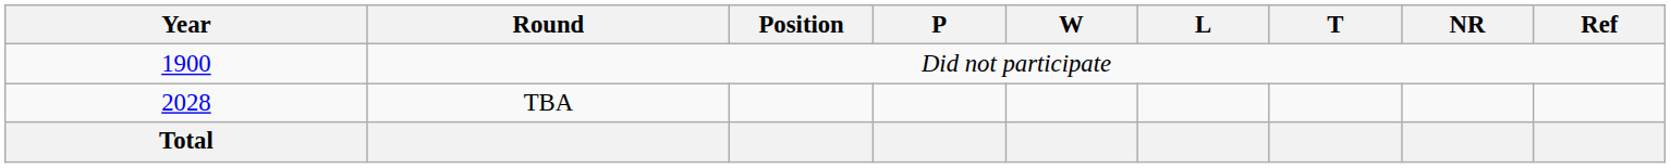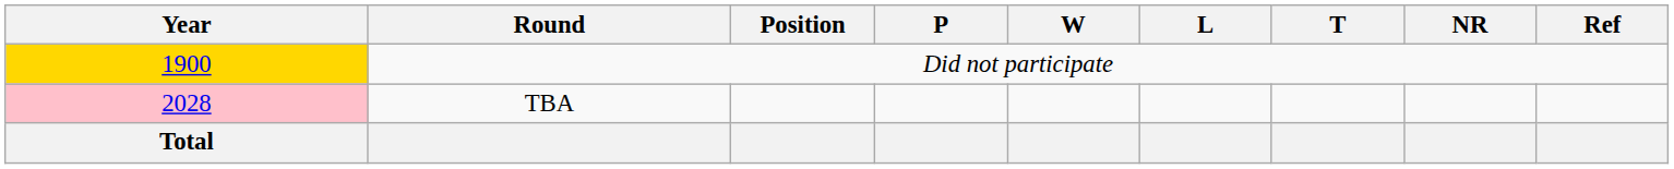 <table class="wikitable" style="text-align: center; width:85%">
 <tr>
 <th width=150>Year</th>
 <th width=150>Round</th>
 <th width=50>Position</th>
 <th width=50>P</th>
 <th width=50>W</th>
 <th width=50>L</th>
 <th width=50>T</th>
 <th width=50>NR</th>
 <th width=50>Ref</th>
 </tr>
 <tr>
-<td> <a href='#'>1900</a></td>
+<td style="background: gold;"> <a href='#'>1900</a></td>
 <td colspan=8><em>Did not participate</em></td>
 </tr>
 <tr>
-<td> <a href='#'>2028</a></td>
+<td style="background: pink;"> <a href='#'>2028</a></td>
 <td>TBA</td>
 <td></td>
 <td></td>
 <td></td>
 <td></td>
 <td></td>
 <td></td>
 <td></td>
 </tr>
 <tr>
 <th>Total</th>
 <th></th>
 <th></th>
 <th></th>
 <th></th>
 <th></th>
 <th></th>
 <th></th>
 <th></th>
 </tr>
 </table>
